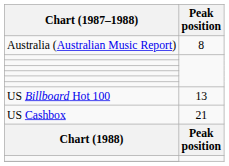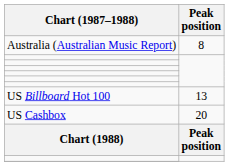 <table class="wikitable sortable">
 <tr>
 <th>Chart (1987–1988)</th>
 <th>Peak<br>position</th>
 </tr>
 <tr>
 <td>Australia (<a href='#'>Australian Music Report</a>) </td>
 <td align="center">8</td>
 </tr>
 <tr>
 <td></td>
 </tr>
 <tr>
 <td></td>
 </tr>
 <tr>
 <td></td>
 </tr>
 <tr>
 <td></td>
 </tr>
 <tr>
 <td></td>
 </tr>
 <tr>
 <td></td>
 </tr>
 <tr>
 <td>US <a href='#'><em>Billboard</em> Hot 100</a></td>
 <td align=center>13</td>
 </tr>
 <tr>
 <td>US <a href='#'>Cashbox</a></td>
-<td style="text-align:center;">21</td>
+<td style="text-align:center;">20</td>
 </tr>
 <tr>
 <th>Chart (1988)</th>
 <th>Peak<br>position</th>
 </tr>
 <tr>
 <td></td>
 </tr>
 <tr>
 </tr>
 </table>
